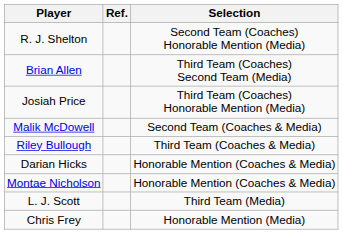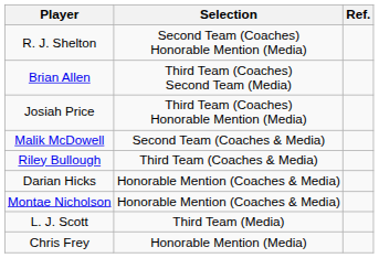 <table class="wikitable sortable sortable" style="text-align: center">
 <tr align=center>
 <th>Player</th>
+<th>Selection</th>
 <th>Ref.</th>
-<th>Selection</th>
 </tr>
 <tr>
 <td>R. J. Shelton</td>
+<td>Second Team (Coaches)<br>Honorable Mention (Media)</td>
 <td></td>
-<td>Second Team (Coaches)<br>Honorable Mention (Media)</td>
 </tr>
 <tr>
 <td><a href='#'>Brian Allen</a></td>
+<td>Third Team (Coaches)<br>Second Team (Media)</td>
 <td></td>
-<td>Third Team (Coaches)<br>Second Team (Media)</td>
 </tr>
 <tr>
 <td>Josiah Price</td>
+<td>Third Team (Coaches)<br>Honorable Mention (Media)</td>
 <td></td>
-<td>Third Team (Coaches)<br>Honorable Mention (Media)</td>
 </tr>
 <tr>
 <td><a href='#'>Malik McDowell</a></td>
+<td>Second Team (Coaches & Media)</td>
 <td></td>
-<td>Second Team (Coaches & Media)</td>
 </tr>
 <tr>
 <td><a href='#'>Riley Bullough</a></td>
+<td>Third Team (Coaches & Media)</td>
 <td></td>
-<td>Third Team (Coaches & Media)</td>
 </tr>
 <tr>
 <td>Darian Hicks</td>
+<td>Honorable Mention (Coaches & Media)</td>
 <td></td>
-<td>Honorable Mention (Coaches & Media)</td>
 </tr>
 <tr>
 <td><a href='#'>Montae Nicholson</a></td>
+<td>Honorable Mention (Coaches & Media)</td>
 <td></td>
-<td>Honorable Mention (Coaches & Media)</td>
 </tr>
 <tr>
 <td>L. J. Scott</td>
+<td>Third Team (Media)</td>
 <td></td>
-<td>Third Team (Media)</td>
 </tr>
 <tr>
 <td>Chris Frey</td>
+<td>Honorable Mention (Media)</td>
 <td></td>
-<td>Honorable Mention (Media)</td>
 </tr>
 </table>
